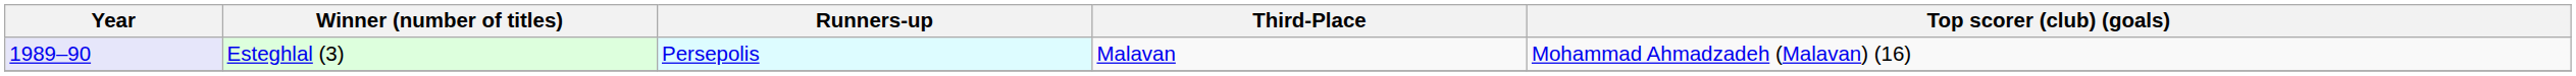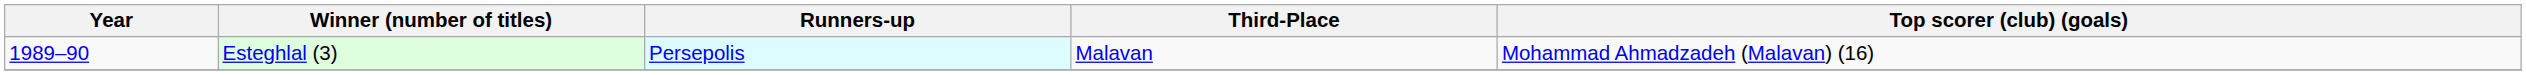 <table class="wikitable">
 <tr>
 <th width=5%>Year</th>
 <th width=10%>Winner (number of titles)</th>
 <th width=10%>Runners-up</th>
 <th width=10%>Third-Place</th>
 <th width=24%>Top scorer (club) (goals)</th>
 </tr>
 <tr>
-<td style="background: lavender;"><a href='#'>1989–90</a></td>
+<td><a href='#'>1989–90</a></td>
 <td bgcolor="#DDFFDD"><a href='#'>Esteghlal</a> (3)</td>
 <td bgcolor="#DDFCFF"><a href='#'>Persepolis</a></td>
 <td><a href='#'>Malavan</a></td>
 <td> <a href='#'>Mohammad Ahmadzadeh</a> (<a href='#'>Malavan</a>) (16)</td>
 </tr>
 <tr>
 </tr>
 </table>
